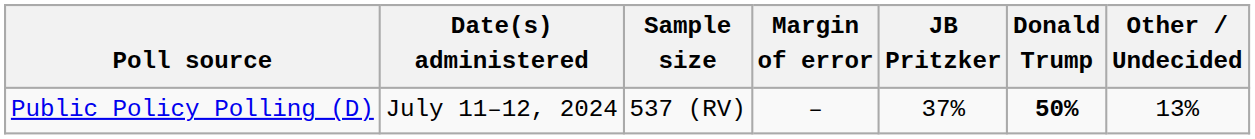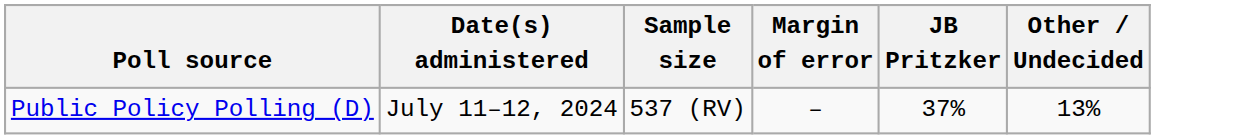 <table class="wikitable sortable mw-datatable" style="font-size:90%;text-align:center;line-height:17px">
 <tr valign=bottom>
 <th>Poll source</th>
 <th>Date(s)<br>administered</th>
 <th>Sample<br>size</th>
 <th>Margin<br>of error</th>
 <th class="unsortable">JB<br>Pritzker<br></th>
-<th class="unsortable">Donald<br>Trump<br></th>
 <th class="unsortable">Other /<br>Undecided</th>
 </tr>
 <tr>
 <td style="text-align:left;"><a href='#'>Public Policy Polling (D)</a></td>
 <td data-sort-value="2024-07-22">July 11–12, 2024</td>
 <td>537 (RV)</td>
 <td>–</td>
 <td>37%</td>
-<td style="background-color:"><strong>50%</strong></td>
 <td>13%</td>
 </tr>
 </table>
